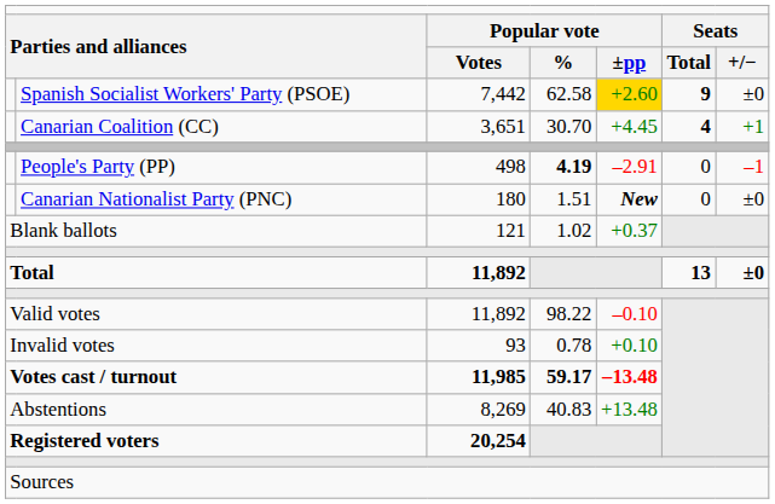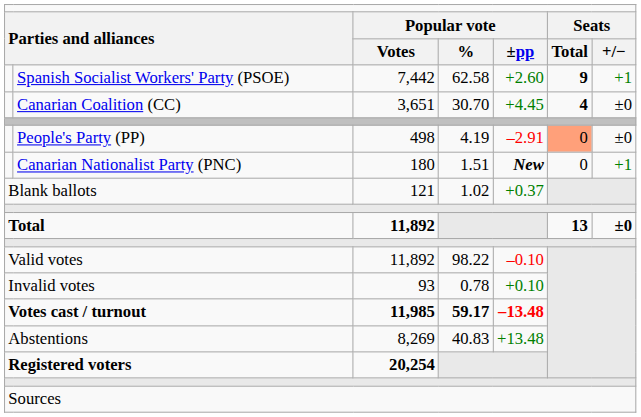 <table class="wikitable" style="text-align:right;">
 <tr>
 <td colspan="7"></td>
 </tr>
 <tr>
 <th style="text-align:left;" rowspan="2" colspan="2" width="525">Parties and alliances</th>
 <th colspan="3">Popular vote</th>
 <th colspan="2">Seats</th>
 </tr>
 <tr>
 <th width="75">Votes</th>
 <th width="45">%</th>
 <th width="45">±<a href='#'>pp</a></th>
 <th width="35">Total</th>
 <th width="35">+/−</th>
 </tr>
 <tr>
 <td width="1" style="color:inherit;background:"></td>
 <td align="left"><a href='#'>Spanish Socialist Workers' Party</a> (PSOE)</td>
 <td>7,442</td>
 <td>62.58</td>
-<td style="background: gold; color:green;">+2.60</td>
+<td style="color:green;">+2.60</td>
 <td><strong>9</strong></td>
-<td>±0</td>
+<td style="color:green;">+1</td>
 </tr>
 <tr>
 <td style="color:inherit;background:"></td>
 <td align="left"><a href='#'>Canarian Coalition</a> (CC)</td>
 <td>3,651</td>
 <td>30.70</td>
 <td style="color:green;">+4.45</td>
 <td><strong>4</strong></td>
-<td style="color:green;">+1</td>
+<td>±0</td>
 </tr>
 <tr>
 <td colspan="7" bgcolor="#C0C0C0"></td>
 </tr>
 <tr>
 <td style="color:inherit;background:"></td>
 <td align="left"><a href='#'>People's Party</a> (PP)</td>
 <td>498</td>
-<td><strong>4.19</strong></td>
+<td>4.19</td>
 <td style="color:red;">–2.91</td>
-<td>0</td>
-<td style="color:red;">–1</td>
+<td style="background: lightsalmon;">0</td>
+<td>±0</td>
 </tr>
 <tr>
 <td style="color:inherit;background:"></td>
 <td align="left"><a href='#'>Canarian Nationalist Party</a> (PNC)</td>
 <td>180</td>
 <td>1.51</td>
 <td><strong><em>New</em></strong></td>
 <td>0</td>
-<td>±0</td>
+<td style="color:green;">+1</td>
 </tr>
 <tr>
 <td align="left" colspan="2">Blank ballots</td>
 <td>121</td>
 <td>1.02</td>
 <td style="color:green;">+0.37</td>
 <td bgcolor="#E9E9E9" colspan="2"></td>
 </tr>
 <tr>
 <td colspan="7" bgcolor="#E9E9E9"></td>
 </tr>
 <tr style="font-weight:bold;">
 <td align="left" colspan="2">Total</td>
 <td>11,892</td>
 <td bgcolor="#E9E9E9" colspan="2"></td>
 <td>13</td>
 <td>±0</td>
 </tr>
 <tr>
 <td colspan="7" bgcolor="#E9E9E9"></td>
 </tr>
 <tr>
 <td align="left" colspan="2">Valid votes</td>
 <td>11,892</td>
 <td>98.22</td>
 <td style="color:red;">–0.10</td>
 <td bgcolor="#E9E9E9" colspan="2" rowspan="5"></td>
 </tr>
 <tr>
 <td align="left" colspan="2">Invalid votes</td>
 <td>93</td>
 <td>0.78</td>
 <td style="color:green;">+0.10</td>
 </tr>
 <tr style="font-weight:bold;">
 <td align="left" colspan="2">Votes cast / turnout</td>
 <td>11,985</td>
 <td>59.17</td>
 <td style="color:red;">–13.48</td>
 </tr>
 <tr>
 <td align="left" colspan="2">Abstentions</td>
 <td>8,269</td>
 <td>40.83</td>
 <td style="color:green;">+13.48</td>
 </tr>
 <tr style="font-weight:bold;">
 <td align="left" colspan="2">Registered voters</td>
 <td>20,254</td>
 <td bgcolor="#E9E9E9" colspan="2"></td>
 </tr>
 <tr>
 <td colspan="7" bgcolor="#E9E9E9"></td>
 </tr>
 <tr>
 <td align="left" colspan="7">Sources</td>
 </tr>
 </table>
